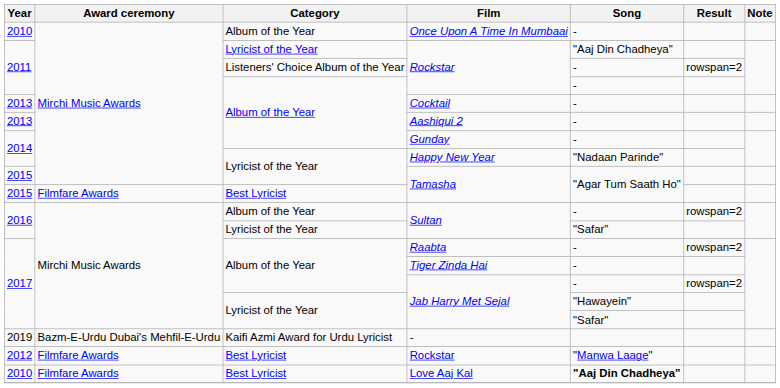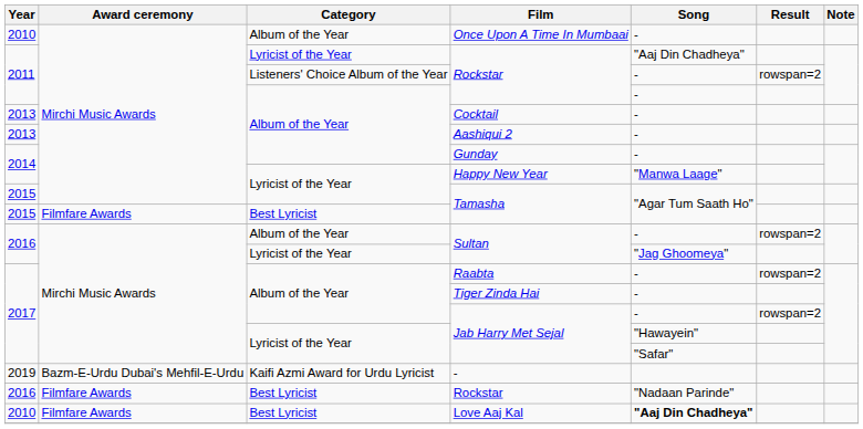 <table class="wikitable">
 <tr>
 <th>Year</th>
 <th>Award ceremony</th>
 <th>Category</th>
 <th>Film</th>
 <th>Song</th>
 <th>Result</th>
 <th>Note</th>
 </tr>
 <tr>
 <td><a href='#'>2010</a></td>
 <td rowspan=9><a href='#'>Mirchi Music Awards</a></td>
 <td>Album of the Year</td>
 <td><em><a href='#'>Once Upon A Time In Mumbaai</a></em></td>
 <td>-</td>
 <td></td>
 <td></td>
 </tr>
 <tr>
 <td rowspan=3><a href='#'>2011</a></td>
 <td><a href='#'>Lyricist of the Year</a></td>
 <td rowspan=3><em><a href='#'>Rockstar</a></em></td>
 <td>"Aaj Din Chadheya"</td>
 <td></td>
 <td rowspan=3></td>
 </tr>
 <tr>
 <td>Listeners' Choice Album of the Year</td>
 <td>-</td>
 <td>rowspan=2 </td>
 </tr>
 <tr>
 <td rowspan=4><a href='#'>Album of the Year</a></td>
 <td>-</td>
 </tr>
 <tr>
 <td><a href='#'>2013</a></td>
 <td><em><a href='#'>Cocktail</a></em></td>
 <td>-</td>
 <td></td>
 <td></td>
 </tr>
 <tr>
 <td><a href='#'>2013</a></td>
 <td><em><a href='#'>Aashiqui 2</a></em></td>
 <td>-</td>
 <td></td>
 <td></td>
 </tr>
 <tr>
 <td rowspan=2><a href='#'>2014</a></td>
 <td><em><a href='#'>Gunday</a></em></td>
 <td>-</td>
 <td></td>
 <td rowspan=2></td>
 </tr>
 <tr>
 <td rowspan=2>Lyricist of the Year</td>
 <td><em><a href='#'>Happy New Year</a></em></td>
-<td>"Nadaan Parinde"</td>
+<td>"<a href='#'>Manwa Laage</a>"</td>
 <td></td>
 </tr>
 <tr>
 <td><a href='#'>2015</a></td>
 <td rowspan="2"><em><a href='#'>Tamasha</a></em></td>
 <td rowspan="2">"Agar Tum Saath Ho"</td>
 <td></td>
 <td></td>
 </tr>
 <tr>
 <td><a href='#'>2015</a></td>
 <td><a href='#'>Filmfare Awards</a></td>
 <td><a href='#'>Best Lyricist</a></td>
 <td></td>
 <td></td>
 </tr>
 <tr>
 <td rowspan=2><a href='#'>2016</a></td>
 <td rowspan=7>Mirchi Music Awards</td>
 <td>Album of the Year</td>
 <td rowspan=2><em><a href='#'>Sultan</a></em></td>
 <td>-</td>
 <td>rowspan=2 </td>
 <td rowspan=2></td>
 </tr>
 <tr>
 <td>Lyricist of the Year</td>
-<td>"Safar"</td>
+<td>"<a href='#'>Jag Ghoomeya</a>"</td>
 </tr>
 <tr>
 <td rowspan=5><a href='#'>2017</a></td>
 <td rowspan=3>Album of the Year</td>
 <td><em><a href='#'>Raabta</a></em></td>
 <td>-</td>
 <td>rowspan=2 </td>
 <td rowspan=5></td>
 </tr>
 <tr>
 <td><em><a href='#'>Tiger Zinda Hai</a></em></td>
 <td>-</td>
 </tr>
 <tr>
 <td rowspan=3><em><a href='#'>Jab Harry Met Sejal</a></em></td>
 <td>-</td>
 <td>rowspan=2 </td>
 </tr>
 <tr>
 <td rowspan=2>Lyricist of the Year</td>
 <td>"Hawayein"</td>
 </tr>
 <tr>
 <td>"Safar"</td>
 <td></td>
 </tr>
 <tr>
 <td>2019</td>
 <td>Bazm-E-Urdu Dubai's Mehfil-E-Urdu</td>
 <td>Kaifi Azmi Award for Urdu Lyricist</td>
 <td>-</td>
 <td></td>
 <td></td>
 <td></td>
 </tr>
 <tr>
-<td><a href='#'>2012</a></td>
+<td><a href='#'>2016</a></td>
 <td><a href='#'>Filmfare Awards</a></td>
 <td><a href='#'>Best Lyricist</a></td>
 <td><a href='#'>Rockstar</a></td>
-<td>"<a href='#'>Manwa Laage</a>"</td>
+<td>"Nadaan Parinde"</td>
 <td></td>
 <td></td>
 </tr>
 <tr>
 <td><a href='#'>2010</a></td>
 <td><a href='#'>Filmfare Awards</a></td>
 <td><a href='#'>Best Lyricist</a></td>
 <td><a href='#'>Love Aaj Kal</a></td>
 <td><strong>"Aaj Din Chadheya"</strong></td>
 <td></td>
 <td></td>
 </tr>
 <tr>
 </tr>
 </table>
